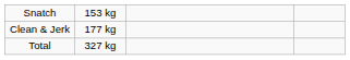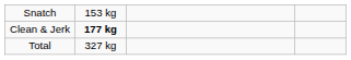 <table class = "wikitable" style="text-align:center;">
 <tr>
 <td width=100>Snatch</td>
 <td width=70>153 kg</td>
 <td width=250 align=left></td>
 <td width=70></td>
 </tr>
 <tr>
 <td>Clean & Jerk</td>
-<td>177 kg</td>
+<td><strong>177 kg</strong></td>
 <td align=left></td>
 <td></td>
 </tr>
 <tr>
 <td>Total</td>
 <td>327 kg</td>
 <td align=left></td>
 <td></td>
 </tr>
 </table>
